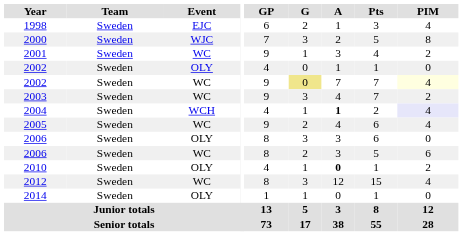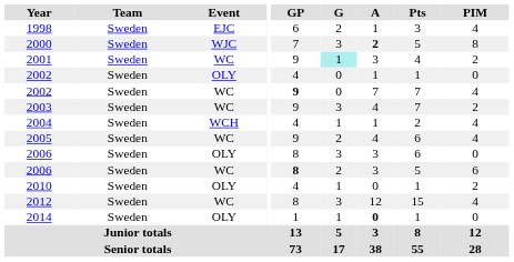 <table border="0" cellpadding="1" cellspacing="0" ID="Table3" style="text-align:center; width:40em">
 <tr bgcolor="#e0e0e0">
 <th>Year</th>
 <th>Team</th>
 <th>Event</th>
 <th rowspan="102" bgcolor="#ffffff"></th>
 <th>GP</th>
 <th>G</th>
 <th>A</th>
 <th>Pts</th>
 <th>PIM</th>
 </tr>
 <tr>
 <td><a href='#'>1998</a></td>
 <td><a href='#'>Sweden</a></td>
 <td><a href='#'>EJC</a></td>
 <td>6</td>
 <td>2</td>
 <td>1</td>
 <td>3</td>
 <td>4</td>
 </tr>
 <tr bgcolor="#f0f0f0">
 <td><a href='#'>2000</a></td>
 <td><a href='#'>Sweden</a></td>
 <td><a href='#'>WJC</a></td>
 <td>7</td>
 <td>3</td>
-<td>2</td>
+<td><strong>2</strong></td>
 <td>5</td>
 <td>8</td>
 </tr>
 <tr>
 <td><a href='#'>2001</a></td>
 <td><a href='#'>Sweden</a></td>
 <td><a href='#'>WC</a></td>
 <td>9</td>
-<td>1</td>
+<td style="background: paleturquoise;">1</td>
 <td>3</td>
 <td>4</td>
 <td>2</td>
 </tr>
 <tr bgcolor="#f0f0f0">
 <td><a href='#'>2002</a></td>
 <td>Sweden</td>
 <td><a href='#'>OLY</a></td>
 <td>4</td>
 <td>0</td>
 <td>1</td>
 <td>1</td>
 <td>0</td>
 </tr>
 <tr>
 <td><a href='#'>2002</a></td>
 <td>Sweden</td>
 <td>WC</td>
-<td>9</td>
-<td style="background: khaki;">0</td>
+<td><strong>9</strong></td>
+<td>0</td>
 <td>7</td>
 <td>7</td>
-<td style="background: lightyellow;">4</td>
+<td>4</td>
 </tr>
 <tr bgcolor="#f0f0f0">
 <td><a href='#'>2003</a></td>
 <td>Sweden</td>
 <td>WC</td>
 <td>9</td>
 <td>3</td>
 <td>4</td>
 <td>7</td>
 <td>2</td>
 </tr>
 <tr>
 <td><a href='#'>2004</a></td>
 <td>Sweden</td>
 <td><a href='#'>WCH</a></td>
 <td>4</td>
 <td>1</td>
-<td><strong>1</strong></td>
+<td>1</td>
 <td>2</td>
-<td style="background: lavender;">4</td>
+<td>4</td>
 </tr>
 <tr bgcolor="#f0f0f0">
 <td><a href='#'>2005</a></td>
 <td>Sweden</td>
 <td>WC</td>
 <td>9</td>
 <td>2</td>
 <td>4</td>
 <td>6</td>
 <td>4</td>
 </tr>
 <tr>
 <td><a href='#'>2006</a></td>
 <td>Sweden</td>
 <td>OLY</td>
 <td>8</td>
 <td>3</td>
 <td>3</td>
 <td>6</td>
 <td>0</td>
 </tr>
 <tr bgcolor="#f0f0f0">
 <td><a href='#'>2006</a></td>
 <td>Sweden</td>
 <td>WC</td>
-<td>8</td>
+<td><strong>8</strong></td>
 <td>2</td>
 <td>3</td>
 <td>5</td>
 <td>6</td>
 </tr>
 <tr>
 <td><a href='#'>2010</a></td>
 <td>Sweden</td>
 <td>OLY</td>
 <td>4</td>
 <td>1</td>
-<td><strong>0</strong></td>
+<td>0</td>
 <td>1</td>
 <td>2</td>
 </tr>
 <tr bgcolor="#f0f0f0">
 <td><a href='#'>2012</a></td>
 <td>Sweden</td>
 <td>WC</td>
 <td>8</td>
 <td>3</td>
 <td>12</td>
 <td>15</td>
 <td>4</td>
 </tr>
 <tr>
 <td><a href='#'>2014</a></td>
 <td>Sweden</td>
 <td>OLY</td>
 <td>1</td>
 <td>1</td>
-<td>0</td>
+<td><strong>0</strong></td>
 <td>1</td>
 <td>0</td>
 </tr>
 <tr bgcolor="#e0e0e0">
 <th colspan=4>Junior totals</th>
 <th>13</th>
 <th>5</th>
 <th>3</th>
 <th>8</th>
 <th>12</th>
 </tr>
 <tr bgcolor="#e0e0e0">
 <th colspan=4>Senior totals</th>
 <th>73</th>
 <th>17</th>
 <th>38</th>
 <th>55</th>
 <th>28</th>
 </tr>
 </table>
